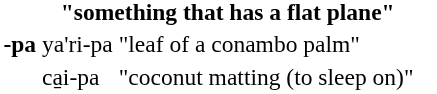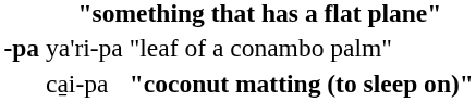 <table>
 <tr>
 <th rowspan="3">-pa</th>
 <th colspan="2">"something that has a flat plane"</th>
 </tr>
 <tr>
 <td>ya'ri-pa</td>
 <td>"leaf of a conambo palm"</td>
 </tr>
 <tr>
 <td>ca̱i-pa</td>
-<td>"coconut matting (to sleep on)"</td>
+<td><strong>"coconut matting (to sleep on)"</strong></td>
 </tr>
 </table>
